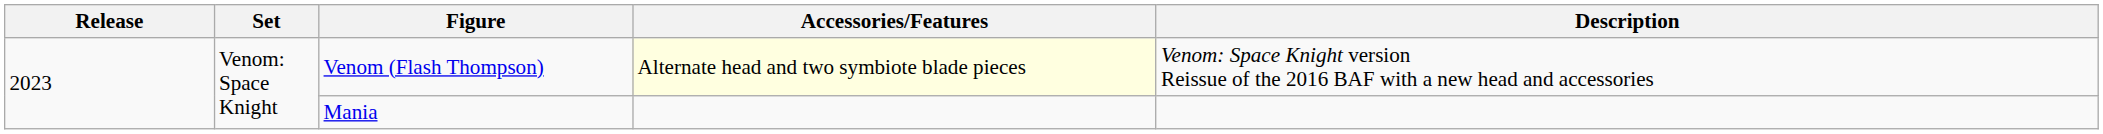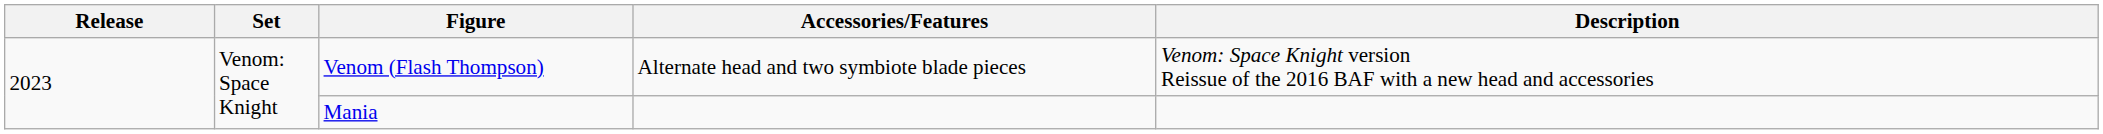 <table class="wikitable" style="width:80%;">
 <tr>
 <th width=10%>Release</th>
 <th width=5%>Set</th>
 <th width=15%>Figure</th>
 <th width=25%>Accessories/Features</th>
 <th width=60%>Description</th>
 </tr>
 <tr>
 <td rowspan=2>2023</td>
 <td rowspan=2>Venom: Space Knight</td>
 <td><a href='#'>Venom (Flash Thompson)</a></td>
-<td style="background: lightyellow;">Alternate head and two symbiote blade pieces</td>
+<td>Alternate head and two symbiote blade pieces</td>
 <td><em>Venom: Space Knight</em> version<br>Reissue of the 2016 BAF with a new head and accessories</td>
 </tr>
 <tr>
 <td><a href='#'>Mania</a></td>
 <td></td>
 <td></td>
 </tr>
 </table>
